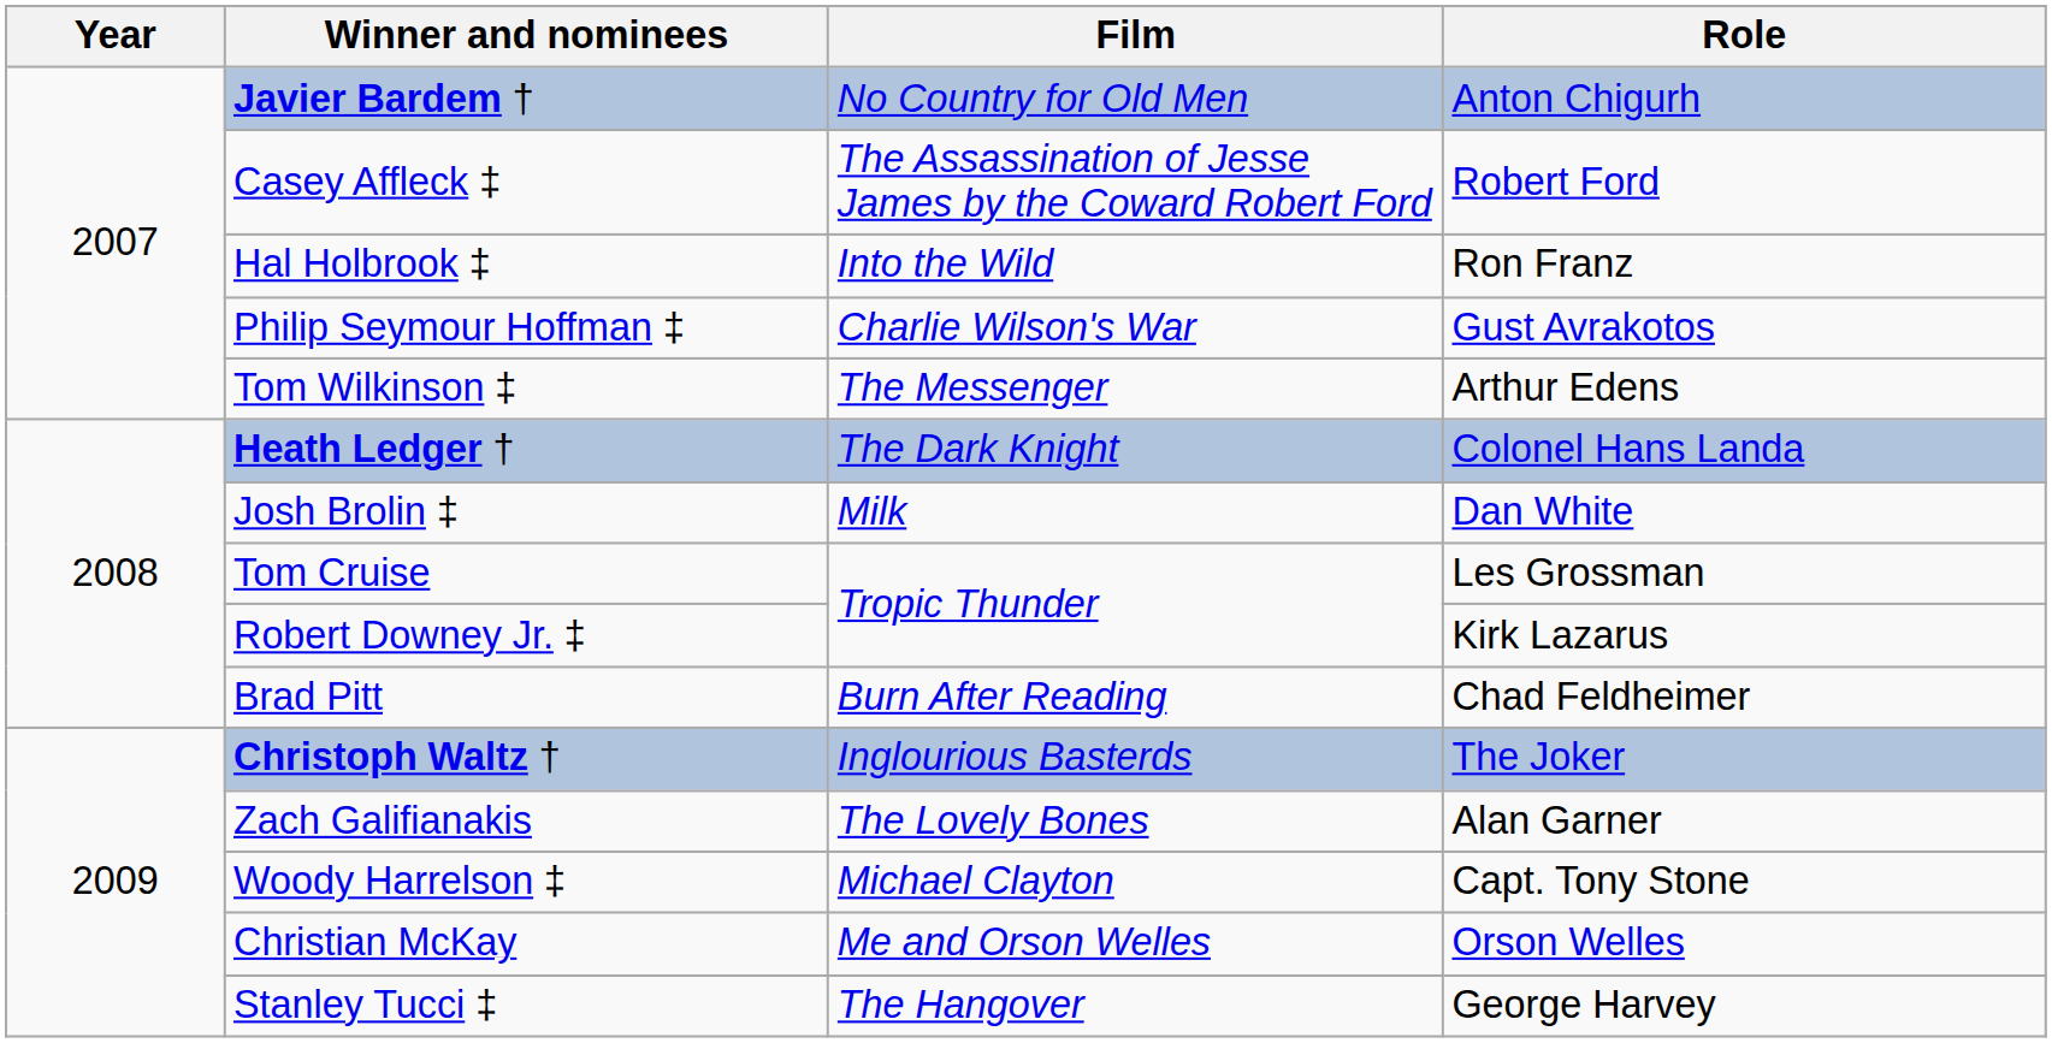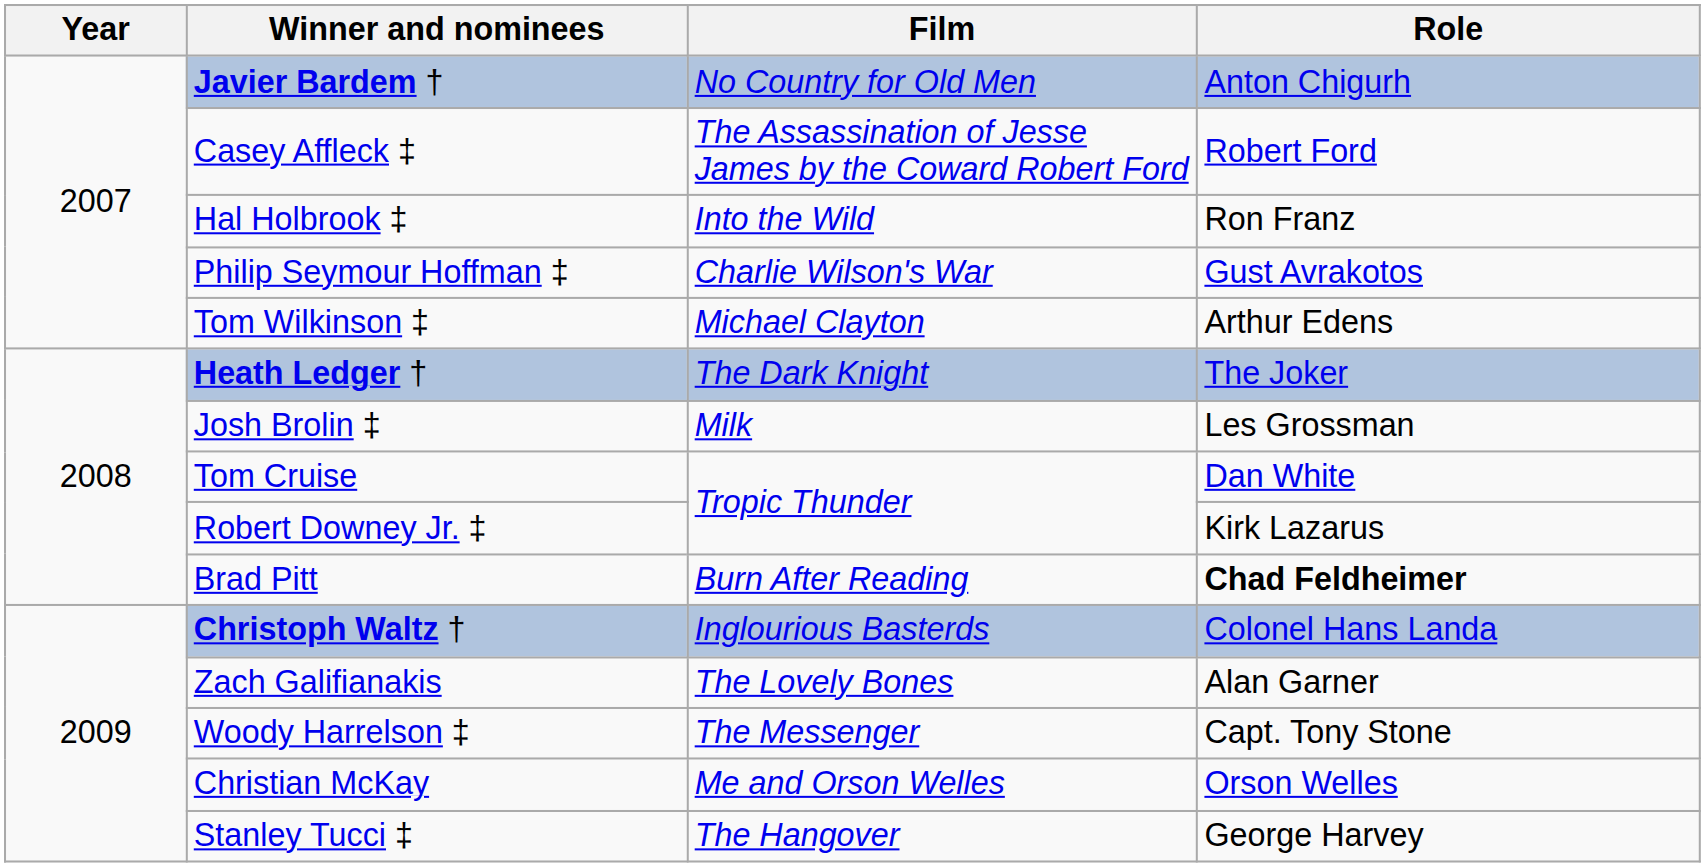 <table class="wikitable" width="95%" cellpadding="5">
 <tr>
 <th width="100"><strong>Year</strong></th>
 <th width="300"><strong>Winner and nominees</strong></th>
 <th width="300"><strong>Film</strong></th>
 <th width="300"><strong>Role</strong></th>
 </tr>
 <tr>
 <td rowspan="5" style="text-align:center;">2007</td>
 <td style="background:#B0C4DE;"><strong><a href='#'>Javier Bardem</a></strong> †</td>
 <td style="background:#B0C4DE;"><em><a href='#'>No Country for Old Men</a></em></td>
 <td style="background:#B0C4DE;"><a href='#'>Anton Chigurh</a></td>
 </tr>
 <tr>
 <td><a href='#'>Casey Affleck</a> ‡</td>
 <td><em><a href='#'>The Assassination of Jesse James by the Coward Robert Ford</a></em></td>
 <td><a href='#'>Robert Ford</a></td>
 </tr>
 <tr>
 <td><a href='#'>Hal Holbrook</a> ‡</td>
 <td><em><a href='#'>Into the Wild</a></em></td>
 <td>Ron Franz</td>
 </tr>
 <tr>
 <td><a href='#'>Philip Seymour Hoffman</a> ‡</td>
 <td><em><a href='#'>Charlie Wilson's War</a></em></td>
 <td><a href='#'>Gust Avrakotos</a></td>
 </tr>
 <tr>
 <td><a href='#'>Tom Wilkinson</a> ‡</td>
-<td><em><a href='#'>The Messenger</a></em></td>
+<td><em><a href='#'>Michael Clayton</a></em></td>
 <td>Arthur Edens</td>
 </tr>
 <tr>
 <td rowspan="5" style="text-align:center;">2008</td>
 <td style="background:#B0C4DE;"><strong><a href='#'>Heath Ledger</a></strong> †</td>
 <td style="background:#B0C4DE;"><em><a href='#'>The Dark Knight</a></em></td>
-<td style="background:#B0C4DE;"><a href='#'>Colonel Hans Landa</a></td>
+<td style="background:#B0C4DE;"><a href='#'>The Joker</a></td>
 </tr>
 <tr>
 <td><a href='#'>Josh Brolin</a> ‡</td>
 <td><em><a href='#'>Milk</a></em></td>
-<td><a href='#'>Dan White</a></td>
+<td>Les Grossman</td>
 </tr>
 <tr>
 <td><a href='#'>Tom Cruise</a></td>
 <td rowspan="2'"><em><a href='#'>Tropic Thunder</a></em></td>
-<td>Les Grossman</td>
+<td><a href='#'>Dan White</a></td>
 </tr>
 <tr>
 <td><a href='#'>Robert Downey Jr.</a> ‡</td>
 <td>Kirk Lazarus</td>
 </tr>
 <tr>
 <td><a href='#'>Brad Pitt</a></td>
 <td><em><a href='#'>Burn After Reading</a></em></td>
-<td>Chad Feldheimer</td>
+<td><strong>Chad Feldheimer</strong></td>
 </tr>
 <tr>
 <td rowspan="5" style="text-align:center;">2009</td>
 <td style="background:#B0C4DE;"><strong><a href='#'>Christoph Waltz</a></strong> †</td>
 <td style="background:#B0C4DE;"><em><a href='#'>Inglourious Basterds</a></em></td>
-<td style="background:#B0C4DE;"><a href='#'>The Joker</a></td>
+<td style="background:#B0C4DE;"><a href='#'>Colonel Hans Landa</a></td>
 </tr>
 <tr>
 <td><a href='#'>Zach Galifianakis</a></td>
 <td><em><a href='#'>The Lovely Bones</a></em></td>
 <td>Alan Garner</td>
 </tr>
 <tr>
 <td><a href='#'>Woody Harrelson</a> ‡</td>
-<td><em><a href='#'>Michael Clayton</a></em></td>
+<td><em><a href='#'>The Messenger</a></em></td>
 <td>Capt. Tony Stone</td>
 </tr>
 <tr>
 <td><a href='#'>Christian McKay</a></td>
 <td><em><a href='#'>Me and Orson Welles</a></em></td>
 <td><a href='#'>Orson Welles</a></td>
 </tr>
 <tr>
 <td><a href='#'>Stanley Tucci</a> ‡</td>
 <td><em><a href='#'>The Hangover</a></em></td>
 <td>George Harvey</td>
 </tr>
 </table>
